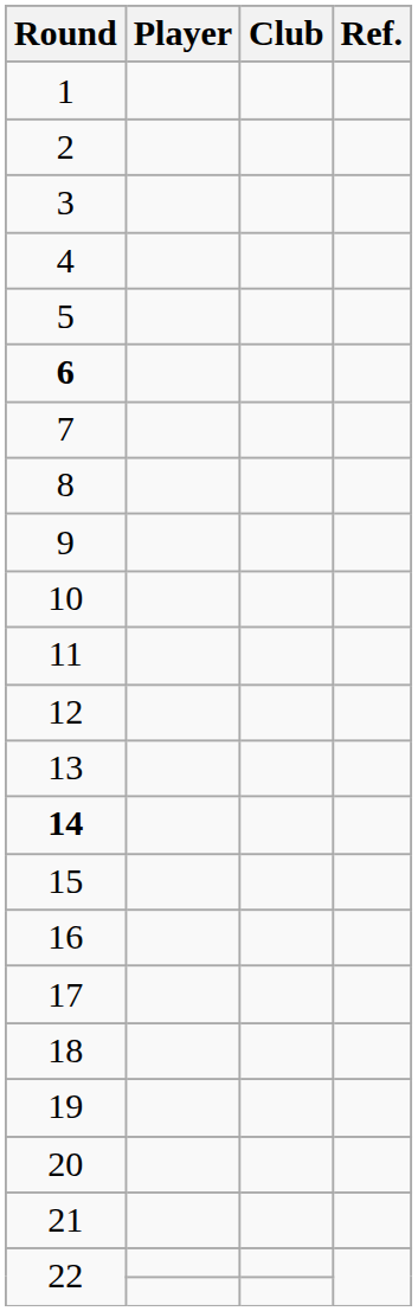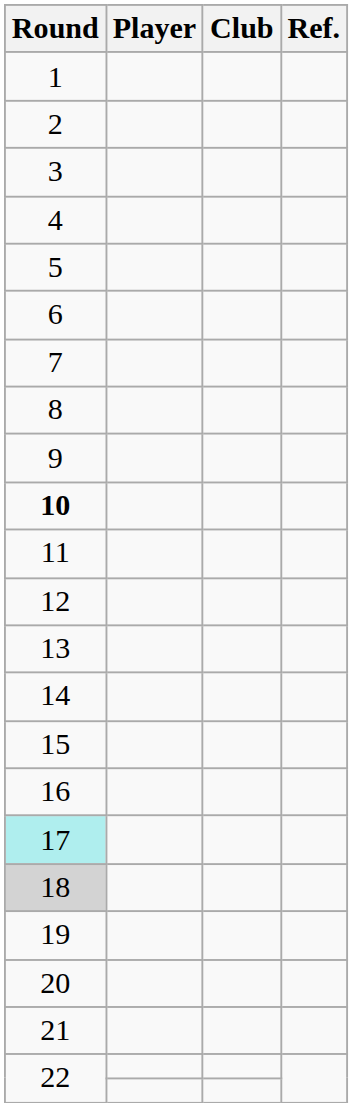 <table class="wikitable sortable" style="text-align:center">
 <tr>
 <th>Round</th>
 <th>Player</th>
 <th>Club</th>
 <th class="unsortable">Ref.</th>
 </tr>
 <tr>
 <td>1</td>
 <td><strong></strong></td>
 <td><strong></strong></td>
 <td></td>
 </tr>
 <tr>
 <td>2</td>
 <td></td>
 <td></td>
 <td></td>
 </tr>
 <tr>
 <td>3</td>
 <td></td>
 <td></td>
 <td></td>
 </tr>
 <tr>
 <td>4</td>
 <td></td>
 <td></td>
 <td></td>
 </tr>
 <tr>
 <td>5</td>
 <td></td>
 <td></td>
 <td></td>
 </tr>
 <tr>
-<td><strong>6</strong></td>
+<td>6</td>
 <td></td>
 <td></td>
 <td></td>
 </tr>
 <tr>
 <td>7</td>
 <td></td>
 <td></td>
 <td></td>
 </tr>
 <tr>
 <td>8</td>
 <td></td>
 <td></td>
 <td></td>
 </tr>
 <tr>
 <td>9</td>
 <td></td>
 <td></td>
 <td></td>
 </tr>
 <tr>
-<td>10</td>
+<td><strong>10</strong></td>
 <td></td>
 <td></td>
 <td></td>
 </tr>
 <tr>
 <td>11</td>
 <td></td>
 <td></td>
 <td></td>
 </tr>
 <tr>
 <td>12</td>
 <td></td>
 <td></td>
 <td></td>
 </tr>
 <tr>
 <td>13</td>
 <td></td>
 <td></td>
 <td></td>
 </tr>
 <tr>
-<td><strong>14</strong></td>
+<td>14</td>
 <td></td>
 <td></td>
 <td></td>
 </tr>
 <tr>
 <td>15</td>
 <td></td>
 <td></td>
 <td></td>
 </tr>
 <tr>
 <td>16</td>
 <td></td>
 <td></td>
 <td></td>
 </tr>
 <tr>
-<td>17</td>
+<td style="background: paleturquoise;">17</td>
 <td></td>
 <td></td>
 <td></td>
 </tr>
 <tr>
-<td>18</td>
+<td style="background: lightgrey;">18</td>
 <td></td>
 <td></td>
 <td></td>
 </tr>
 <tr>
 <td>19</td>
 <td></td>
 <td></td>
 <td></td>
 </tr>
 <tr>
 <td>20</td>
 <td></td>
 <td></td>
 <td></td>
 </tr>
 <tr>
 <td>21</td>
 <td></td>
 <td></td>
 <td></td>
 </tr>
 <tr>
 <td rowspan="2">22</td>
 <td></td>
 <td></td>
 <td rowspan="2"></td>
 </tr>
 <tr>
 <td></td>
 <td></td>
 </tr>
 </table>
